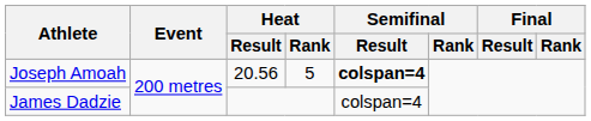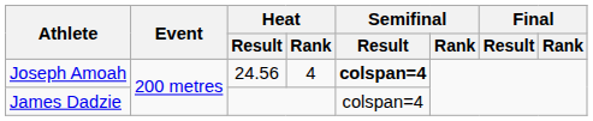 <table class="wikitable" style="font-size:90%">
 <tr>
 <th rowspan="2">Athlete</th>
 <th rowspan="2">Event</th>
 <th colspan="2">Heat</th>
 <th colspan="2">Semifinal</th>
 <th colspan="2">Final</th>
 </tr>
 <tr style="font-size:95%">
 <th>Result</th>
 <th>Rank</th>
 <th>Result</th>
 <th>Rank</th>
 <th>Result</th>
 <th>Rank</th>
 </tr>
 <tr align=center>
 <td align=left><a href='#'>Joseph Amoah</a></td>
 <td align=left rowspan=2><a href='#'>200 metres</a></td>
-<td>20.56</td>
-<td>5</td>
+<td>24.56</td>
+<td>4</td>
 <td><strong>colspan=4 </strong></td>
 </tr>
 <tr align=center>
 <td align=left><a href='#'>James Dadzie</a></td>
 <td colspan=2></td>
 <td>colspan=4 </td>
 </tr>
 </table>
